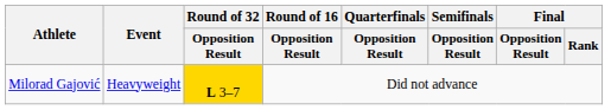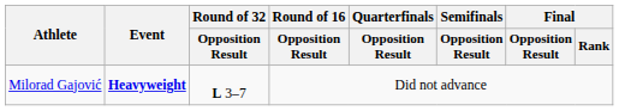 <table class="wikitable" style="font-size:90%">
 <tr>
 <th rowspan="2">Athlete</th>
 <th rowspan="2">Event</th>
 <th>Round of 32</th>
 <th>Round of 16</th>
 <th>Quarterfinals</th>
 <th>Semifinals</th>
 <th colspan=2>Final</th>
 </tr>
 <tr style="font-size:95%">
 <th>Opposition<br>Result</th>
 <th>Opposition<br>Result</th>
 <th>Opposition<br>Result</th>
 <th>Opposition<br>Result</th>
 <th>Opposition<br>Result</th>
 <th>Rank</th>
 </tr>
 <tr align=center>
 <td align=left><a href='#'>Milorad Gajović</a></td>
-<td align=left><a href='#'>Heavyweight</a></td>
-<td style="background: gold;"><br><strong>L</strong> 3–7</td>
+<td align=left><strong><a href='#'>Heavyweight</a></strong></td>
+<td><br><strong>L</strong> 3–7</td>
 <td colspan=5>Did not advance</td>
 </tr>
 </table>
